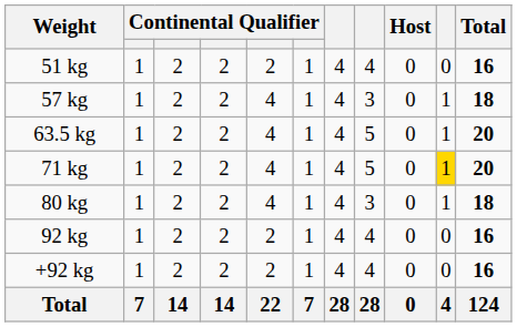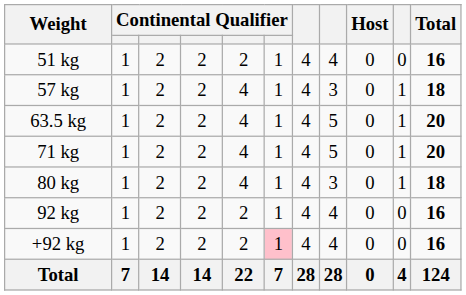 <table class="wikitable" style="text-align:center; font-size:95%;">
 <tr>
 <th width=80 rowspan=2>Weight</th>
 <th colspan=5>Continental Qualifier</th>
 <th rowspan=2></th>
 <th rowspan=2></th>
 <th rowspan=2>Host</th>
 <th rowspan=2></th>
 <th rowspan=2>Total</th>
 </tr>
 <tr style="font-size:95%">
 <th></th>
 <th></th>
 <th></th>
 <th></th>
 <th></th>
 </tr>
 <tr>
 <td>51 kg</td>
 <td>1</td>
 <td>2</td>
 <td>2</td>
 <td>2</td>
 <td>1</td>
 <td>4</td>
 <td>4</td>
 <td>0</td>
 <td>0</td>
 <td><strong>16</strong></td>
 </tr>
 <tr>
 <td>57 kg</td>
 <td>1</td>
 <td>2</td>
 <td>2</td>
 <td>4</td>
 <td>1</td>
 <td>4</td>
 <td>3</td>
 <td>0</td>
 <td>1</td>
 <td><strong>18</strong></td>
 </tr>
 <tr>
 <td>63.5 kg</td>
 <td>1</td>
 <td>2</td>
 <td>2</td>
 <td>4</td>
 <td>1</td>
 <td>4</td>
 <td>5</td>
 <td>0</td>
 <td>1</td>
 <td><strong>20</strong></td>
 </tr>
 <tr>
 <td>71 kg</td>
 <td>1</td>
 <td>2</td>
 <td>2</td>
 <td>4</td>
 <td>1</td>
 <td>4</td>
 <td>5</td>
 <td>0</td>
-<td style="background: gold;">1</td>
+<td>1</td>
 <td><strong>20</strong></td>
 </tr>
 <tr>
 <td>80 kg</td>
 <td>1</td>
 <td>2</td>
 <td>2</td>
 <td>4</td>
 <td>1</td>
 <td>4</td>
 <td>3</td>
 <td>0</td>
 <td>1</td>
 <td><strong>18</strong></td>
 </tr>
 <tr>
 <td>92 kg</td>
 <td>1</td>
 <td>2</td>
 <td>2</td>
 <td>2</td>
 <td>1</td>
 <td>4</td>
 <td>4</td>
 <td>0</td>
 <td>0</td>
 <td><strong>16</strong></td>
 </tr>
 <tr>
 <td>+92 kg</td>
 <td>1</td>
 <td>2</td>
 <td>2</td>
 <td>2</td>
-<td>1</td>
+<td style="background: pink;">1</td>
 <td>4</td>
 <td>4</td>
 <td>0</td>
 <td>0</td>
 <td><strong>16</strong></td>
 </tr>
 <tr>
 <th>Total</th>
 <th>7</th>
 <th>14</th>
 <th>14</th>
 <th>22</th>
 <th>7</th>
 <th>28</th>
 <th>28</th>
 <th>0</th>
 <th>4</th>
 <th>124</th>
 </tr>
 </table>
